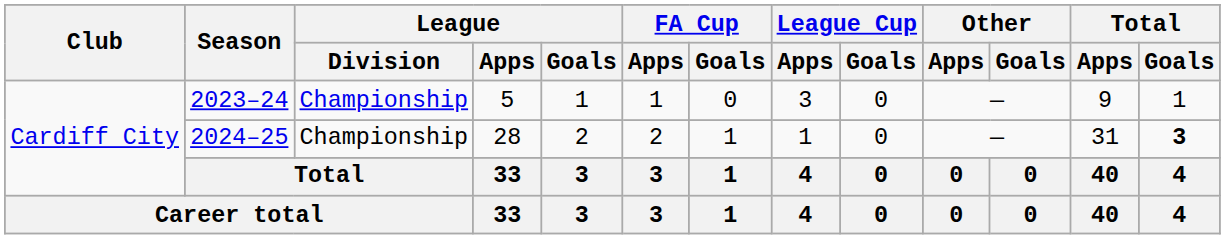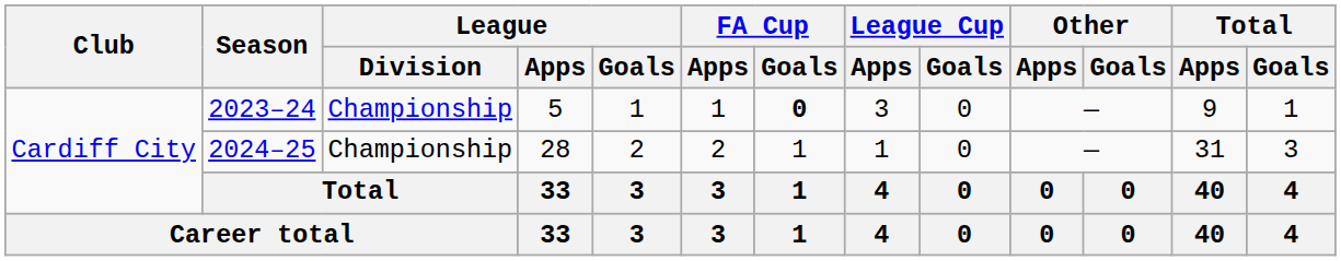 <table class="wikitable" style="text-align: center">
 <tr>
 <th rowspan="2">Club</th>
 <th rowspan="2">Season</th>
 <th colspan="3">League</th>
 <th colspan="2"><a href='#'>FA Cup</a></th>
 <th colspan="2"><a href='#'>League Cup</a></th>
 <th colspan="2">Other</th>
 <th colspan="2">Total</th>
 </tr>
 <tr>
 <th>Division</th>
 <th>Apps</th>
 <th>Goals</th>
 <th>Apps</th>
 <th>Goals</th>
 <th>Apps</th>
 <th>Goals</th>
 <th>Apps</th>
 <th>Goals</th>
 <th>Apps</th>
 <th>Goals</th>
 </tr>
 <tr>
 <td rowspan="3"><a href='#'>Cardiff City</a></td>
 <td><a href='#'>2023–24</a></td>
 <td><a href='#'>Championship</a></td>
 <td>5</td>
 <td>1</td>
 <td>1</td>
-<td>0</td>
+<td><strong>0</strong></td>
 <td>3</td>
 <td>0</td>
 <td colspan="2">—</td>
 <td>9</td>
 <td>1</td>
 </tr>
 <tr>
 <td><a href='#'>2024–25</a></td>
 <td>Championship</td>
 <td>28</td>
 <td>2</td>
 <td>2</td>
 <td>1</td>
 <td>1</td>
 <td>0</td>
 <td colspan="2">—</td>
 <td>31</td>
-<td><strong>3</strong></td>
+<td>3</td>
 </tr>
 <tr>
 <th colspan="2">Total</th>
 <th>33</th>
 <th>3</th>
 <th>3</th>
 <th>1</th>
 <th>4</th>
 <th>0</th>
 <th>0</th>
 <th>0</th>
 <th>40</th>
 <th>4</th>
 </tr>
 <tr>
 <th colspan="3">Career total</th>
 <th>33</th>
 <th>3</th>
 <th>3</th>
 <th>1</th>
 <th>4</th>
 <th>0</th>
 <th>0</th>
 <th>0</th>
 <th>40</th>
 <th>4</th>
 </tr>
 </table>
